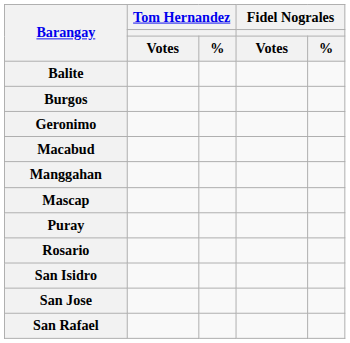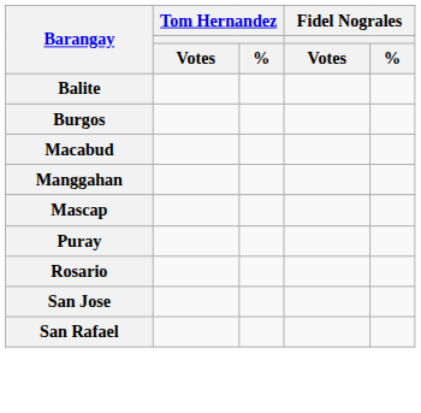 <table class="wikitable collapsible collapsed" style="text-align:right; font-size:95%; line-height:20px;">
 <tr>
 <th width="125" rowspan="3"><a href='#'>Barangay</a></th>
 <th width="110" colspan="2"><a href='#'>Tom Hernandez</a></th>
 <th width="110" colspan="2">Fidel Nograles</th>
 </tr>
 <tr>
 <th colspan="2" style="background:"></th>
 <th colspan="2" style="background:"></th>
 </tr>
 <tr>
 <th>Votes</th>
 <th>%</th>
 <th>Votes</th>
 <th>%</th>
 </tr>
 <tr>
 <th scope="row">Balite</th>
 <td></td>
 <td></td>
 <td></td>
 <td></td>
 </tr>
 <tr>
 <th scope="row">Burgos</th>
-<td></td>
-<td></td>
-<td></td>
-<td></td>
-</tr>
-<tr>
-<th scope="row">Geronimo</th>
 <td></td>
 <td></td>
 <td></td>
 <td></td>
 </tr>
 <tr>
 <th scope="row">Macabud</th>
 <td></td>
 <td></td>
 <td></td>
 <td></td>
 </tr>
 <tr>
 <th scope="row">Manggahan</th>
 <td></td>
 <td></td>
 <td></td>
 <td></td>
 </tr>
 <tr>
 <th scope="row">Mascap</th>
 <td></td>
 <td></td>
 <td></td>
 <td></td>
 </tr>
 <tr>
 <th scope="row">Puray</th>
 <td></td>
 <td></td>
 <td></td>
 <td></td>
 </tr>
 <tr>
 <th scope="row">Rosario</th>
 <td></td>
 <td></td>
 <td></td>
 <td></td>
 </tr>
 <tr>
-<th scope="row">San Isidro</th>
-<td></td>
-<td></td>
-<td></td>
-<td></td>
-</tr>
-<tr>
 <th scope="row">San Jose</th>
 <td></td>
 <td></td>
 <td></td>
 <td></td>
 </tr>
 <tr>
 <th scope="row">San Rafael</th>
 <td></td>
 <td></td>
 <td></td>
 <td></td>
 </tr>
 </table>
